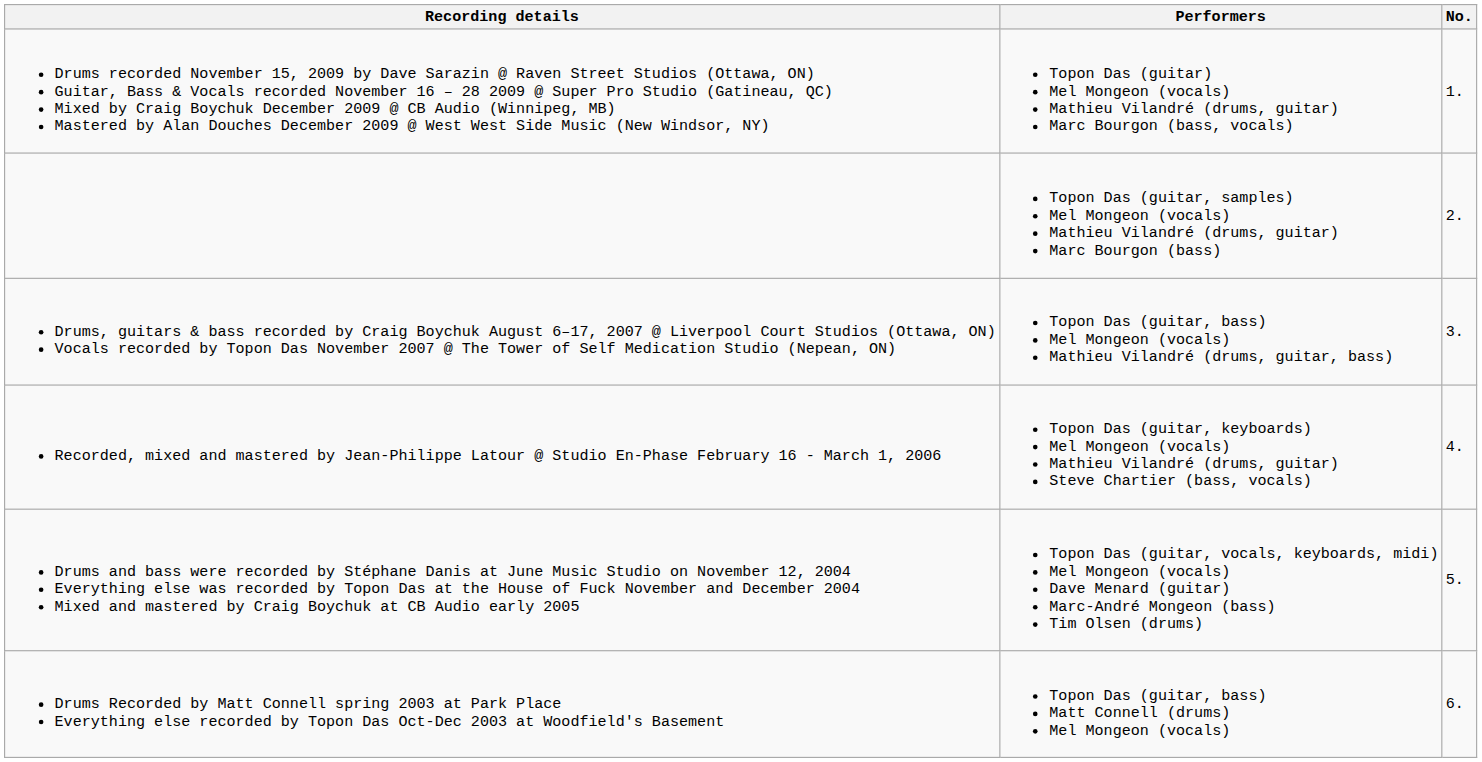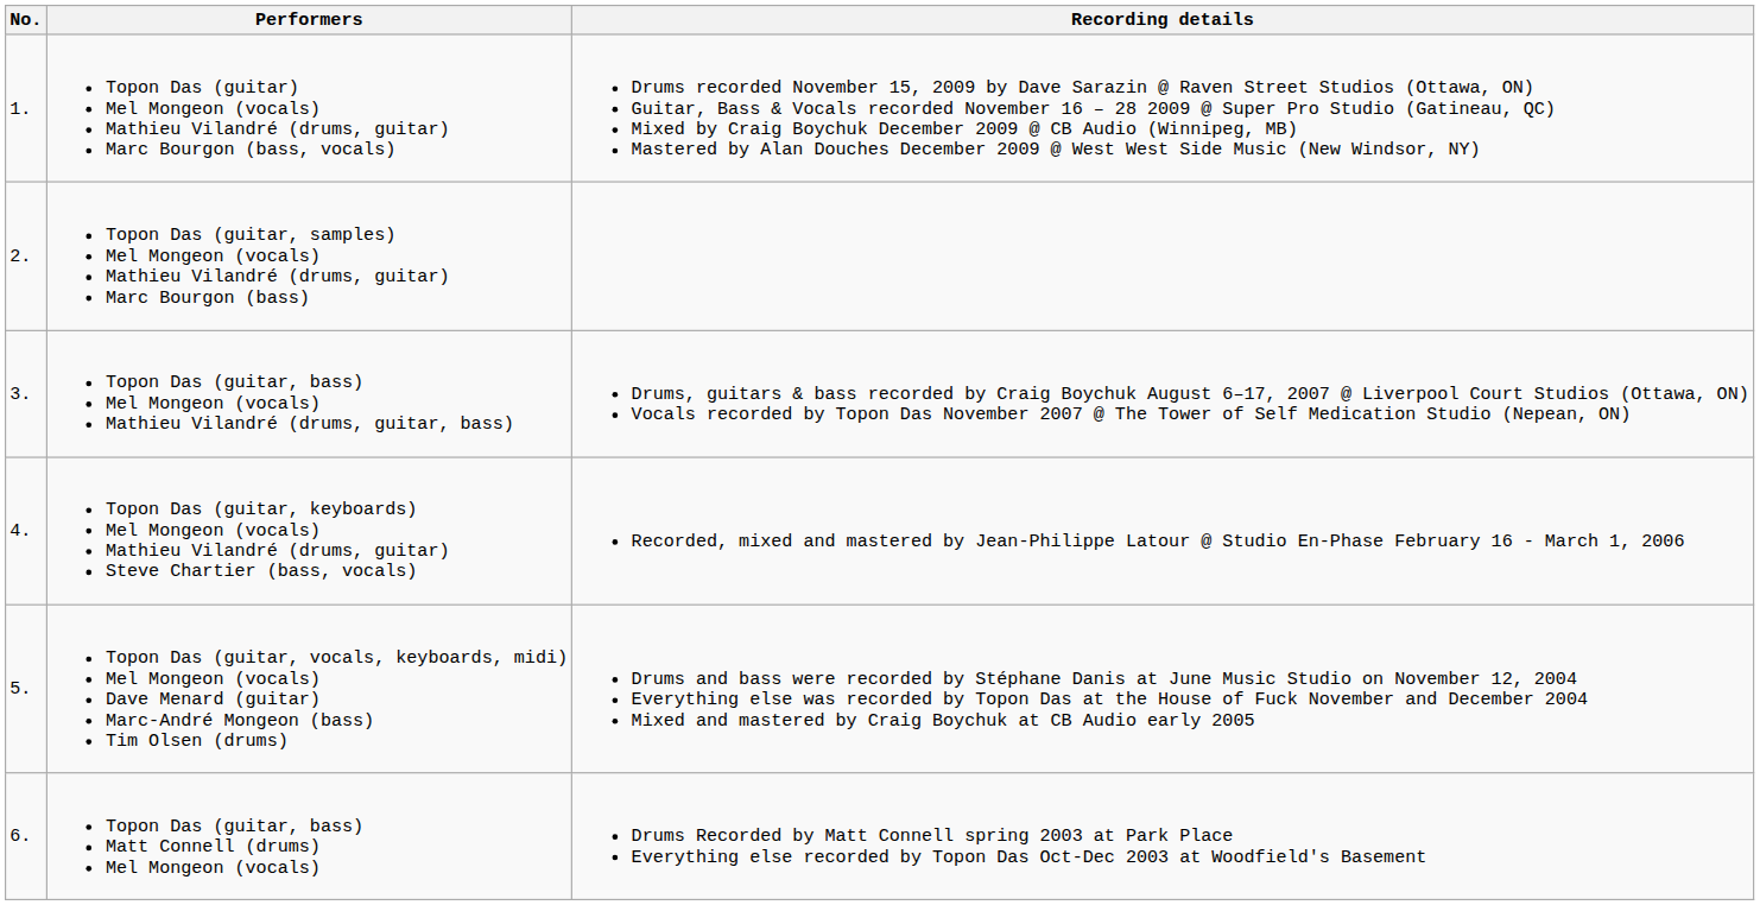 <table class="wikitable">
 <tr>
+<th>No.</th>
+<th>Performers</th>
 <th>Recording details</th>
-<th>Performers</th>
-<th>No.</th>
 </tr>
 <tr>
+<td>1.</td>
+<td><br><ul><li>Topon Das (guitar)</li><li>Mel Mongeon (vocals)</li><li>Mathieu Vilandré (drums, guitar)</li><li>Marc Bourgon (bass, vocals)</li></ul></td>
 <td><br><ul><li>Drums recorded November 15, 2009 by Dave Sarazin @ Raven Street Studios (Ottawa, ON)</li><li>Guitar, Bass & Vocals recorded November 16 – 28 2009 @ Super Pro Studio (Gatineau, QC)</li><li>Mixed by Craig Boychuk December 2009 @ CB Audio (Winnipeg, MB)</li><li>Mastered by Alan Douches December 2009 @ West West Side Music (New Windsor, NY)</li></ul></td>
-<td><br><ul><li>Topon Das (guitar)</li><li>Mel Mongeon (vocals)</li><li>Mathieu Vilandré (drums, guitar)</li><li>Marc Bourgon (bass, vocals)</li></ul></td>
-<td>1.</td>
 </tr>
 <tr>
+<td>2.</td>
+<td><br><ul><li>Topon Das (guitar, samples)</li><li>Mel Mongeon (vocals)</li><li>Mathieu Vilandré (drums, guitar)</li><li>Marc Bourgon (bass)</li></ul></td>
 <td></td>
-<td><br><ul><li>Topon Das (guitar, samples)</li><li>Mel Mongeon (vocals)</li><li>Mathieu Vilandré (drums, guitar)</li><li>Marc Bourgon (bass)</li></ul></td>
-<td>2.</td>
 </tr>
 <tr>
+<td>3.</td>
+<td><br><ul><li>Topon Das (guitar, bass)</li><li>Mel Mongeon (vocals)</li><li>Mathieu Vilandré (drums, guitar, bass)</li></ul></td>
 <td><br><ul><li>Drums, guitars & bass recorded by Craig Boychuk August 6–17, 2007 @ Liverpool Court Studios (Ottawa, ON)</li><li>Vocals recorded by Topon Das November 2007 @ The Tower of Self Medication Studio (Nepean, ON)</li></ul></td>
-<td><br><ul><li>Topon Das (guitar, bass)</li><li>Mel Mongeon (vocals)</li><li>Mathieu Vilandré (drums, guitar, bass)</li></ul></td>
-<td>3.</td>
 </tr>
 <tr>
+<td>4.</td>
+<td><br><ul><li>Topon Das (guitar, keyboards)</li><li>Mel Mongeon (vocals)</li><li>Mathieu  Vilandré (drums, guitar)</li><li>Steve Chartier (bass, vocals)</li></ul></td>
 <td><br><ul><li>Recorded, mixed and mastered by Jean-Philippe Latour @ Studio En-Phase February 16 - March 1, 2006</li></ul></td>
-<td><br><ul><li>Topon Das (guitar, keyboards)</li><li>Mel Mongeon (vocals)</li><li>Mathieu  Vilandré (drums, guitar)</li><li>Steve Chartier (bass, vocals)</li></ul></td>
-<td>4.</td>
 </tr>
 <tr>
+<td>5.</td>
+<td><br><ul><li>Topon Das (guitar, vocals, keyboards, midi)</li><li>Mel Mongeon (vocals)</li><li>Dave Menard (guitar)</li><li>Marc-André Mongeon (bass)</li><li>Tim Olsen (drums)</li></ul></td>
 <td><br><ul><li>Drums and bass were recorded by Stéphane Danis at June Music Studio on November 12, 2004</li><li>Everything else was recorded by Topon Das at the House of Fuck November and December 2004</li><li>Mixed and mastered by Craig Boychuk at CB Audio early 2005</li></ul></td>
-<td><br><ul><li>Topon Das (guitar, vocals, keyboards, midi)</li><li>Mel Mongeon (vocals)</li><li>Dave Menard (guitar)</li><li>Marc-André Mongeon (bass)</li><li>Tim Olsen (drums)</li></ul></td>
-<td>5.</td>
 </tr>
 <tr>
+<td>6.</td>
+<td><br><ul><li>Topon Das (guitar, bass)</li><li>Matt Connell (drums)</li><li>Mel Mongeon (vocals)</li></ul></td>
 <td><br><ul><li>Drums Recorded by Matt Connell spring 2003 at Park Place</li><li>Everything else recorded by Topon Das Oct-Dec 2003 at Woodfield's Basement</li></ul></td>
-<td><br><ul><li>Topon Das (guitar, bass)</li><li>Matt Connell (drums)</li><li>Mel Mongeon (vocals)</li></ul></td>
-<td>6.</td>
 </tr>
 </table>
